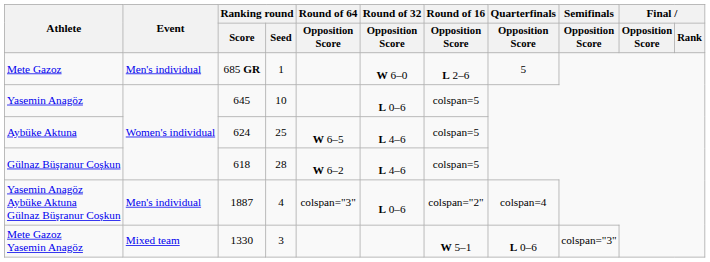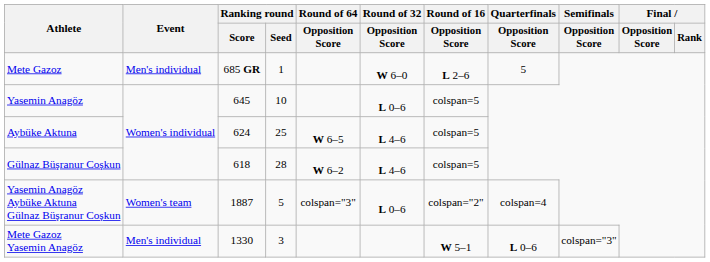 <table class="wikitable" style="text-align:center; font-size:90%">
 <tr>
 <th rowspan="2">Athlete</th>
 <th rowspan="2">Event</th>
 <th colspan="2">Ranking round</th>
 <th>Round of 64</th>
 <th>Round of 32</th>
 <th>Round of 16</th>
 <th>Quarterfinals</th>
 <th>Semifinals</th>
 <th colspan="2">Final / </th>
 </tr>
 <tr style="font-size:95%">
 <th>Score</th>
 <th>Seed</th>
 <th>Opposition<br>Score</th>
 <th>Opposition<br>Score</th>
 <th>Opposition<br>Score</th>
 <th>Opposition<br>Score</th>
 <th>Opposition<br>Score</th>
 <th>Opposition<br>Score</th>
 <th>Rank</th>
 </tr>
 <tr>
 <td align="left"><a href='#'>Mete Gazoz</a></td>
 <td align="left"><a href='#'>Men's individual</a></td>
 <td>685 <strong>GR</strong></td>
 <td>1</td>
 <td></td>
 <td><br><strong>W</strong> 6–0</td>
 <td><br><strong>L</strong> 2–6</td>
 <td>5</td>
 </tr>
 <tr>
 <td align="left"><a href='#'>Yasemin Anagöz</a></td>
 <td align="left" rowspan="3"><a href='#'>Women's individual</a></td>
 <td>645</td>
 <td>10</td>
 <td></td>
 <td><br><strong>L</strong> 0–6</td>
 <td>colspan=5 </td>
 </tr>
 <tr>
 <td align="left"><a href='#'>Aybüke Aktuna</a></td>
 <td>624</td>
 <td>25</td>
 <td><br><strong>W</strong> 6–5</td>
 <td><br><strong>L</strong> 4–6</td>
 <td>colspan=5 </td>
 </tr>
 <tr>
 <td align="left"><a href='#'>Gülnaz Büşranur Coşkun</a></td>
 <td>618</td>
 <td>28</td>
 <td><br><strong>W</strong> 6–2</td>
 <td><br><strong>L</strong> 4–6</td>
 <td>colspan=5 </td>
 </tr>
 <tr>
 <td align="left"><a href='#'>Yasemin Anagöz</a><br><a href='#'>Aybüke Aktuna</a><br><a href='#'>Gülnaz Büşranur Coşkun</a></td>
-<td align="left"><a href='#'>Men's individual</a></td>
+<td align="left"><a href='#'>Women's team</a></td>
 <td>1887</td>
-<td>4</td>
+<td>5</td>
 <td>colspan="3" </td>
 <td><br><strong>L</strong> 0–6</td>
 <td>colspan="2" </td>
 <td>colspan=4 </td>
 </tr>
 <tr>
 <td align="left"><a href='#'>Mete Gazoz</a><br><a href='#'>Yasemin Anagöz</a></td>
-<td align="left"><a href='#'>Mixed team</a></td>
+<td align="left"><a href='#'>Men's individual</a></td>
 <td>1330</td>
 <td>3</td>
 <td></td>
 <td></td>
 <td><br><strong>W</strong> 5–1</td>
 <td><br><strong>L</strong> 0–6</td>
 <td>colspan="3" </td>
 </tr>
 </table>
